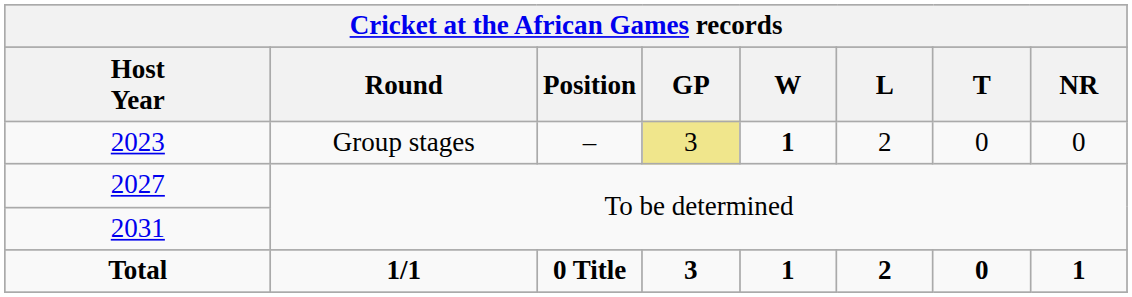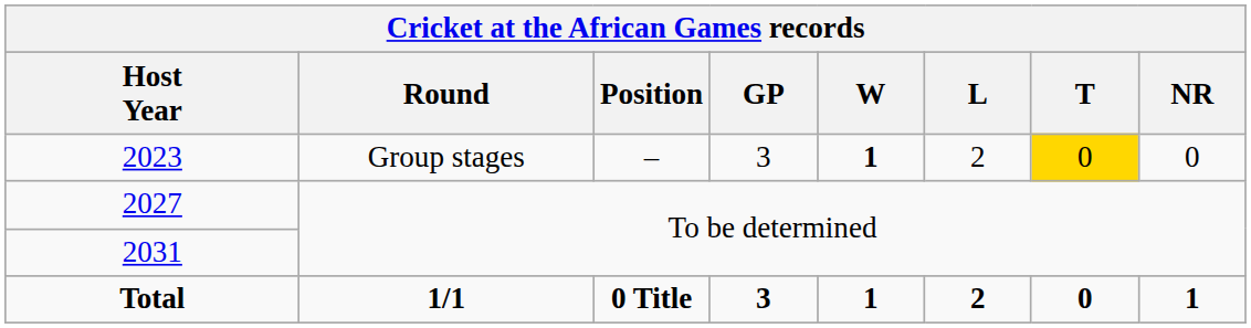 <table class="wikitable" style="text-align: center; width=900px;">
 <tr>
 <th colspan=9><a href='#'>Cricket at the African Games</a> records</th>
 </tr>
 <tr>
 <th width=150>Host<br>Year</th>
 <th width=150>Round</th>
 <th width=50>Position</th>
 <th width=50>GP</th>
 <th width=50>W</th>
 <th width=50>L</th>
 <th width=50>T</th>
 <th width=50>NR</th>
 </tr>
 <tr>
 <td> <a href='#'>2023</a></td>
 <td>Group stages</td>
 <td>–</td>
-<td style="background: khaki;">3</td>
+<td>3</td>
 <td><strong>1</strong></td>
 <td>2</td>
-<td>0</td>
+<td style="background: gold;">0</td>
 <td>0</td>
 </tr>
 <tr>
 <td> <a href='#'>2027</a></td>
 <td colspan=8 rowspan=2>To be determined</td>
 </tr>
 <tr>
 <td> <a href='#'>2031</a></td>
 </tr>
 <tr>
 <td><strong>Total</strong></td>
 <td><strong>1/1</strong></td>
 <td><strong>0 Title</strong></td>
 <td><strong>3</strong></td>
 <td><strong>1</strong></td>
 <td><strong>2</strong></td>
 <td><strong>0</strong></td>
 <td><strong>1</strong></td>
 </tr>
 </table>
